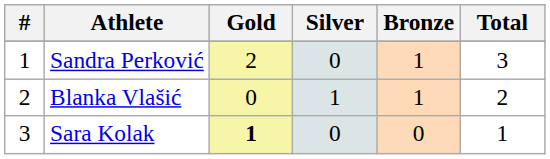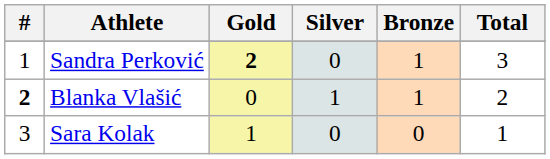 <table class=wikitable style="border:1px solid #AAAAAA">
 <tr bgcolor="#EFEFEF">
 <th width=20>#</th>
 <th>Athlete</th>
 <th width=50>Gold</th>
 <th width=50>Silver</th>
 <th width=50>Bronze</th>
 <th width=50>Total</th>
 </tr>
 <tr>
 </tr>
 <tr align="center" bgcolor="#FFFFFF">
 <td>1</td>
 <td align="left"><a href='#'>Sandra Perković</a></td>
-<td style="background:#F7F6A8;">2</td>
+<td style="background:#F7F6A8;"><strong>2</strong></td>
 <td style="background:#DCE5E5;">0</td>
 <td style="background:#FFDAB9;">1</td>
 <td>3</td>
 </tr>
 <tr align="center" bgcolor="#FFFFFF">
-<td>2</td>
+<td><strong>2</strong></td>
 <td align="left"><a href='#'>Blanka Vlašić</a></td>
 <td style="background:#F7F6A8;">0</td>
 <td style="background:#DCE5E5;">1</td>
 <td style="background:#FFDAB9;">1</td>
 <td>2</td>
 </tr>
 <tr align="center" bgcolor="#FFFFFF">
 <td>3</td>
 <td align="left"><a href='#'>Sara Kolak</a></td>
-<td style="background:#F7F6A8;"><strong>1</strong></td>
+<td style="background:#F7F6A8;">1</td>
 <td style="background:#DCE5E5;">0</td>
 <td style="background:#FFDAB9;">0</td>
 <td>1</td>
 </tr>
 </table>
